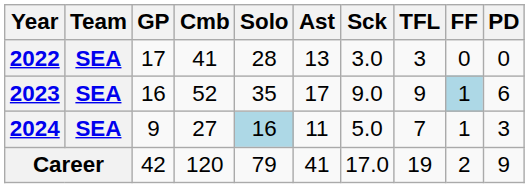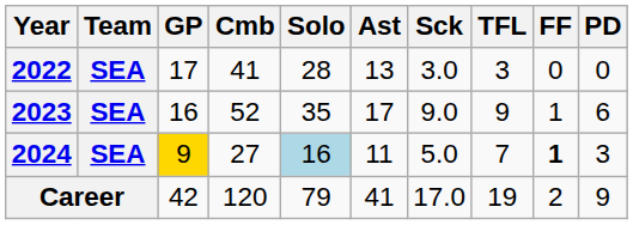 <table class="wikitable" style="text-align:center;">
 <tr>
 <th>Year</th>
 <th>Team</th>
 <th>GP</th>
 <th>Cmb</th>
 <th>Solo</th>
 <th>Ast</th>
 <th>Sck</th>
 <th>TFL</th>
 <th>FF</th>
 <th>PD</th>
 </tr>
 <tr>
 <th><a href='#'>2022</a></th>
 <th><a href='#'>SEA</a></th>
 <td>17</td>
 <td>41</td>
 <td>28</td>
 <td>13</td>
 <td>3.0</td>
 <td>3</td>
 <td>0</td>
 <td>0</td>
 </tr>
 <tr>
 <th><a href='#'>2023</a></th>
 <th><a href='#'>SEA</a></th>
 <td>16</td>
 <td>52</td>
 <td>35</td>
 <td>17</td>
 <td>9.0</td>
 <td>9</td>
-<td style="background: lightblue;">1</td>
+<td>1</td>
 <td>6</td>
 </tr>
 <tr>
 <th><a href='#'>2024</a></th>
 <th><a href='#'>SEA</a></th>
-<td>9</td>
+<td style="background: gold;">9</td>
 <td>27</td>
 <td style="background: lightblue;">16</td>
 <td>11</td>
 <td>5.0</td>
 <td>7</td>
-<td>1</td>
+<td><strong>1</strong></td>
 <td>3</td>
 </tr>
 <tr>
 <th colspan="2">Career</th>
 <td>42</td>
 <td>120</td>
 <td>79</td>
 <td>41</td>
 <td>17.0</td>
 <td>19</td>
 <td>2</td>
 <td>9</td>
 </tr>
 </table>
